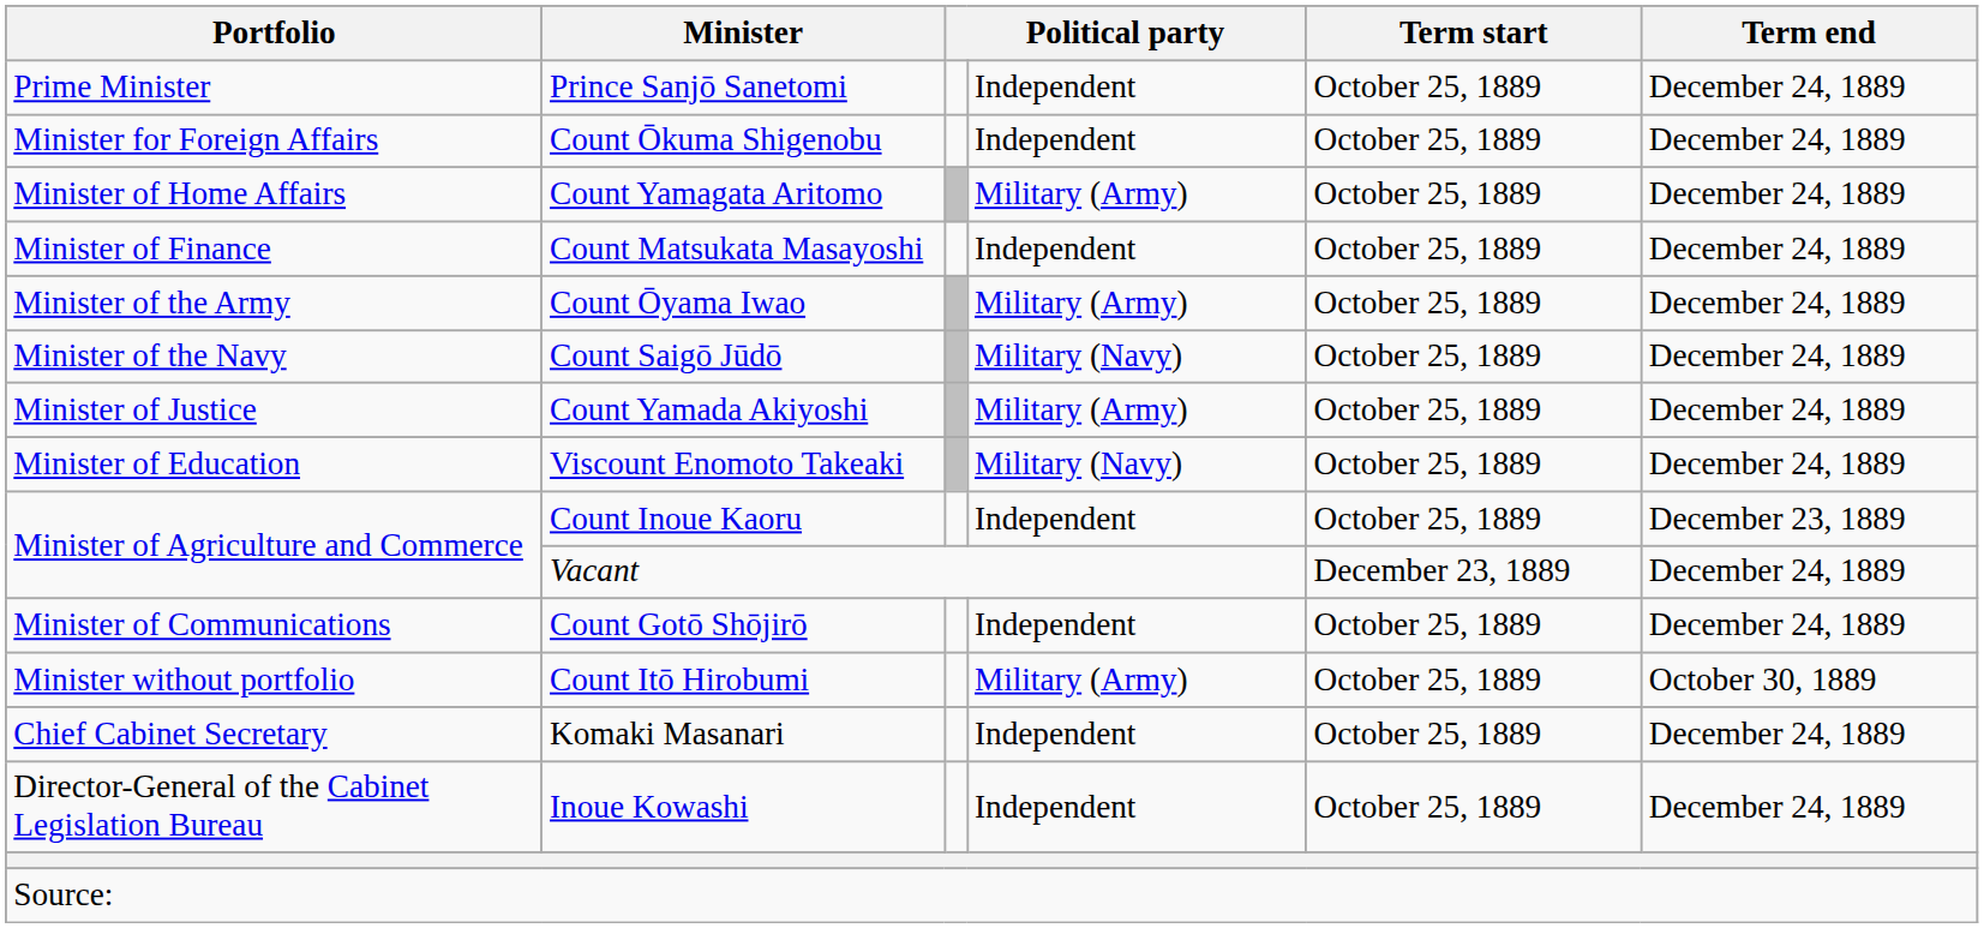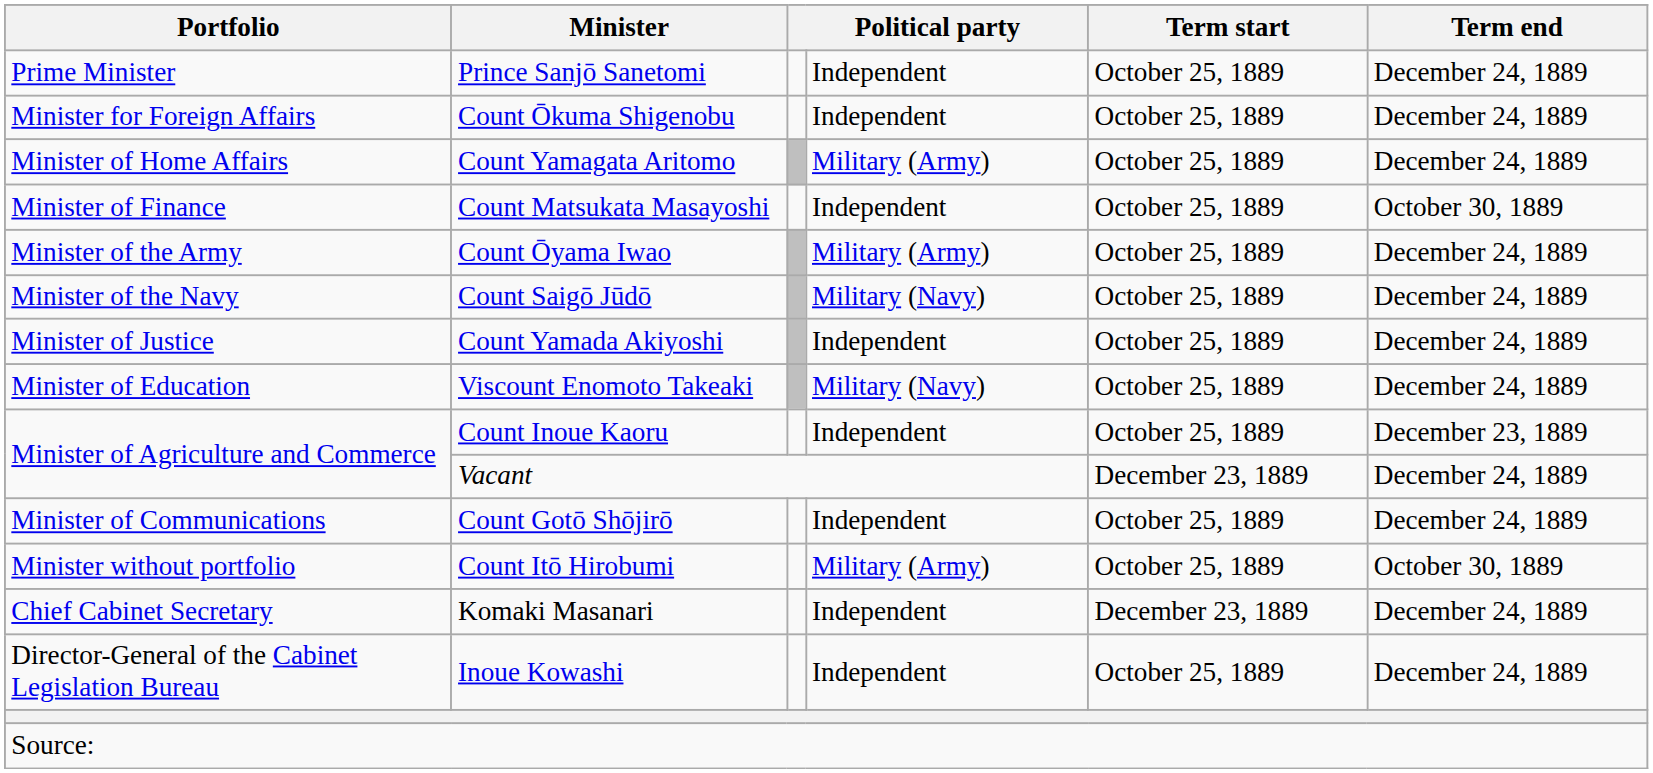 <table class="wikitable unsortable" style="font-size: 90%;">
 <tr>
 <th width="20%" scope="col">Portfolio</th>
 <th width="15%" scope="col">Minister</th>
 <th colspan="2" width="13.5%" scope="col">Political party</th>
 <th width="12.5%" scope="col">Term start</th>
 <th width="12.5%" scope="col">Term end</th>
 </tr>
 <tr>
 <td style="text-align: left;"><a href='#'>Prime Minister</a></td>
 <td><a href='#'>Prince Sanjō Sanetomi</a></td>
 <td style="color:inherit;background:"></td>
 <td>Independent</td>
 <td>October 25, 1889</td>
 <td>December 24, 1889</td>
 </tr>
 <tr>
 <td><a href='#'>Minister for Foreign Affairs</a></td>
 <td><a href='#'>Count Ōkuma Shigenobu</a></td>
 <td style="color:inherit;background:"></td>
 <td>Independent</td>
 <td>October 25, 1889</td>
 <td>December 24, 1889</td>
 </tr>
 <tr>
 <td><a href='#'>Minister of Home Affairs</a></td>
 <td><a href='#'>Count Yamagata Aritomo</a></td>
 <td style="color:inherit;background:#bfbfbf"></td>
 <td><a href='#'>Military</a> (<a href='#'>Army</a>)</td>
 <td>October 25, 1889</td>
 <td>December 24, 1889</td>
 </tr>
 <tr>
 <td><a href='#'>Minister of Finance</a></td>
 <td><a href='#'>Count Matsukata Masayoshi</a></td>
 <td style="color:inherit;background:"></td>
 <td>Independent</td>
 <td>October 25, 1889</td>
-<td>December 24, 1889</td>
+<td>October 30, 1889</td>
 </tr>
 <tr>
 <td><a href='#'>Minister of the Army</a></td>
 <td><a href='#'>Count Ōyama Iwao</a></td>
 <td style="color:inherit;background:#bfbfbf"></td>
 <td><a href='#'>Military</a> (<a href='#'>Army</a>)</td>
 <td>October 25, 1889</td>
 <td>December 24, 1889</td>
 </tr>
 <tr>
 <td><a href='#'>Minister of the Navy</a></td>
 <td><a href='#'>Count Saigō Jūdō</a></td>
 <td style="color:inherit;background:#bfbfbf"></td>
 <td><a href='#'>Military</a> (<a href='#'>Navy</a>)</td>
 <td>October 25, 1889</td>
 <td>December 24, 1889</td>
 </tr>
 <tr>
 <td><a href='#'>Minister of Justice</a></td>
 <td><a href='#'>Count Yamada Akiyoshi</a></td>
 <td style="color:inherit;background:#bfbfbf"></td>
-<td><a href='#'>Military</a> (<a href='#'>Army</a>)</td>
+<td>Independent</td>
 <td>October 25, 1889</td>
 <td>December 24, 1889</td>
 </tr>
 <tr>
 <td><a href='#'>Minister of Education</a></td>
 <td><a href='#'>Viscount Enomoto Takeaki</a></td>
 <td style="color:inherit;background:#bfbfbf"></td>
 <td><a href='#'>Military</a> (<a href='#'>Navy</a>)</td>
 <td>October 25, 1889</td>
 <td>December 24, 1889</td>
 </tr>
 <tr>
 <td rowspan="2"><a href='#'>Minister of Agriculture and Commerce</a></td>
 <td><a href='#'>Count Inoue Kaoru</a></td>
 <td style="color:inherit;background:"></td>
 <td>Independent</td>
 <td>October 25, 1889</td>
 <td>December 23, 1889</td>
 </tr>
 <tr>
 <td colspan="3"><em>Vacant</em></td>
 <td>December 23, 1889</td>
 <td>December 24, 1889</td>
 </tr>
 <tr>
 <td><a href='#'>Minister of Communications</a></td>
 <td><a href='#'>Count Gotō Shōjirō</a></td>
 <td style="color:inherit;background:"></td>
 <td>Independent</td>
 <td>October 25, 1889</td>
 <td>December 24, 1889</td>
 </tr>
 <tr>
 <td><a href='#'>Minister without portfolio</a></td>
 <td><a href='#'>Count Itō Hirobumi</a></td>
 <td style="color:inherit;background:"></td>
 <td><a href='#'>Military</a> (<a href='#'>Army</a>)</td>
 <td>October 25, 1889</td>
 <td>October 30, 1889</td>
 </tr>
 <tr>
 <td><a href='#'>Chief Cabinet Secretary</a></td>
 <td>Komaki Masanari</td>
 <td style="color:inherit;background:"></td>
 <td>Independent</td>
-<td>October 25, 1889</td>
+<td>December 23, 1889</td>
 <td>December 24, 1889</td>
 </tr>
 <tr>
 <td>Director-General of the <a href='#'>Cabinet Legislation Bureau</a></td>
 <td><a href='#'>Inoue Kowashi</a></td>
 <td style="color:inherit;background:"></td>
 <td>Independent</td>
 <td>October 25, 1889</td>
 <td>December 24, 1889</td>
 </tr>
 <tr>
 <th colspan="6"></th>
 </tr>
 <tr>
 <td colspan="6">Source: </td>
 </tr>
 </table>
